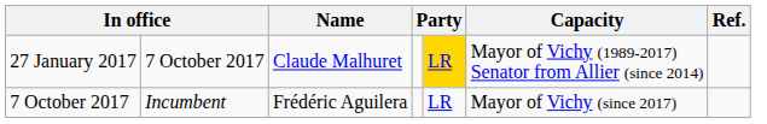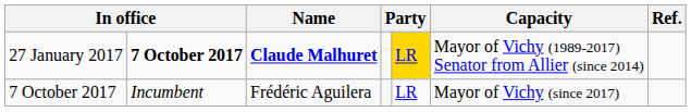 <table class="wikitable">
 <tr>
 <th colspan="2">In office</th>
 <th>Name</th>
 <th colspan="2">Party</th>
 <th>Capacity</th>
 <th>Ref.</th>
 </tr>
 <tr>
 <td>27 January 2017</td>
-<td>7 October 2017</td>
-<td><a href='#'>Claude Malhuret</a></td>
+<td><strong>7 October 2017</strong></td>
+<td><strong><a href='#'>Claude Malhuret</a></strong></td>
 <td style="background:"></td>
 <td style="background: gold;"><a href='#'>LR</a></td>
 <td>Mayor of <a href='#'>Vichy</a> <small>(1989-2017)</small><br><a href='#'>Senator from Allier</a> <small>(since 2014)</small></td>
 <td></td>
 </tr>
 <tr>
 <td>7 October 2017</td>
 <td><em>Incumbent</em></td>
 <td>Frédéric Aguilera</td>
 <td style="background:"></td>
 <td><a href='#'>LR</a></td>
 <td>Mayor of <a href='#'>Vichy</a> <small>(since 2017)</small></td>
 <td></td>
 </tr>
 </table>
